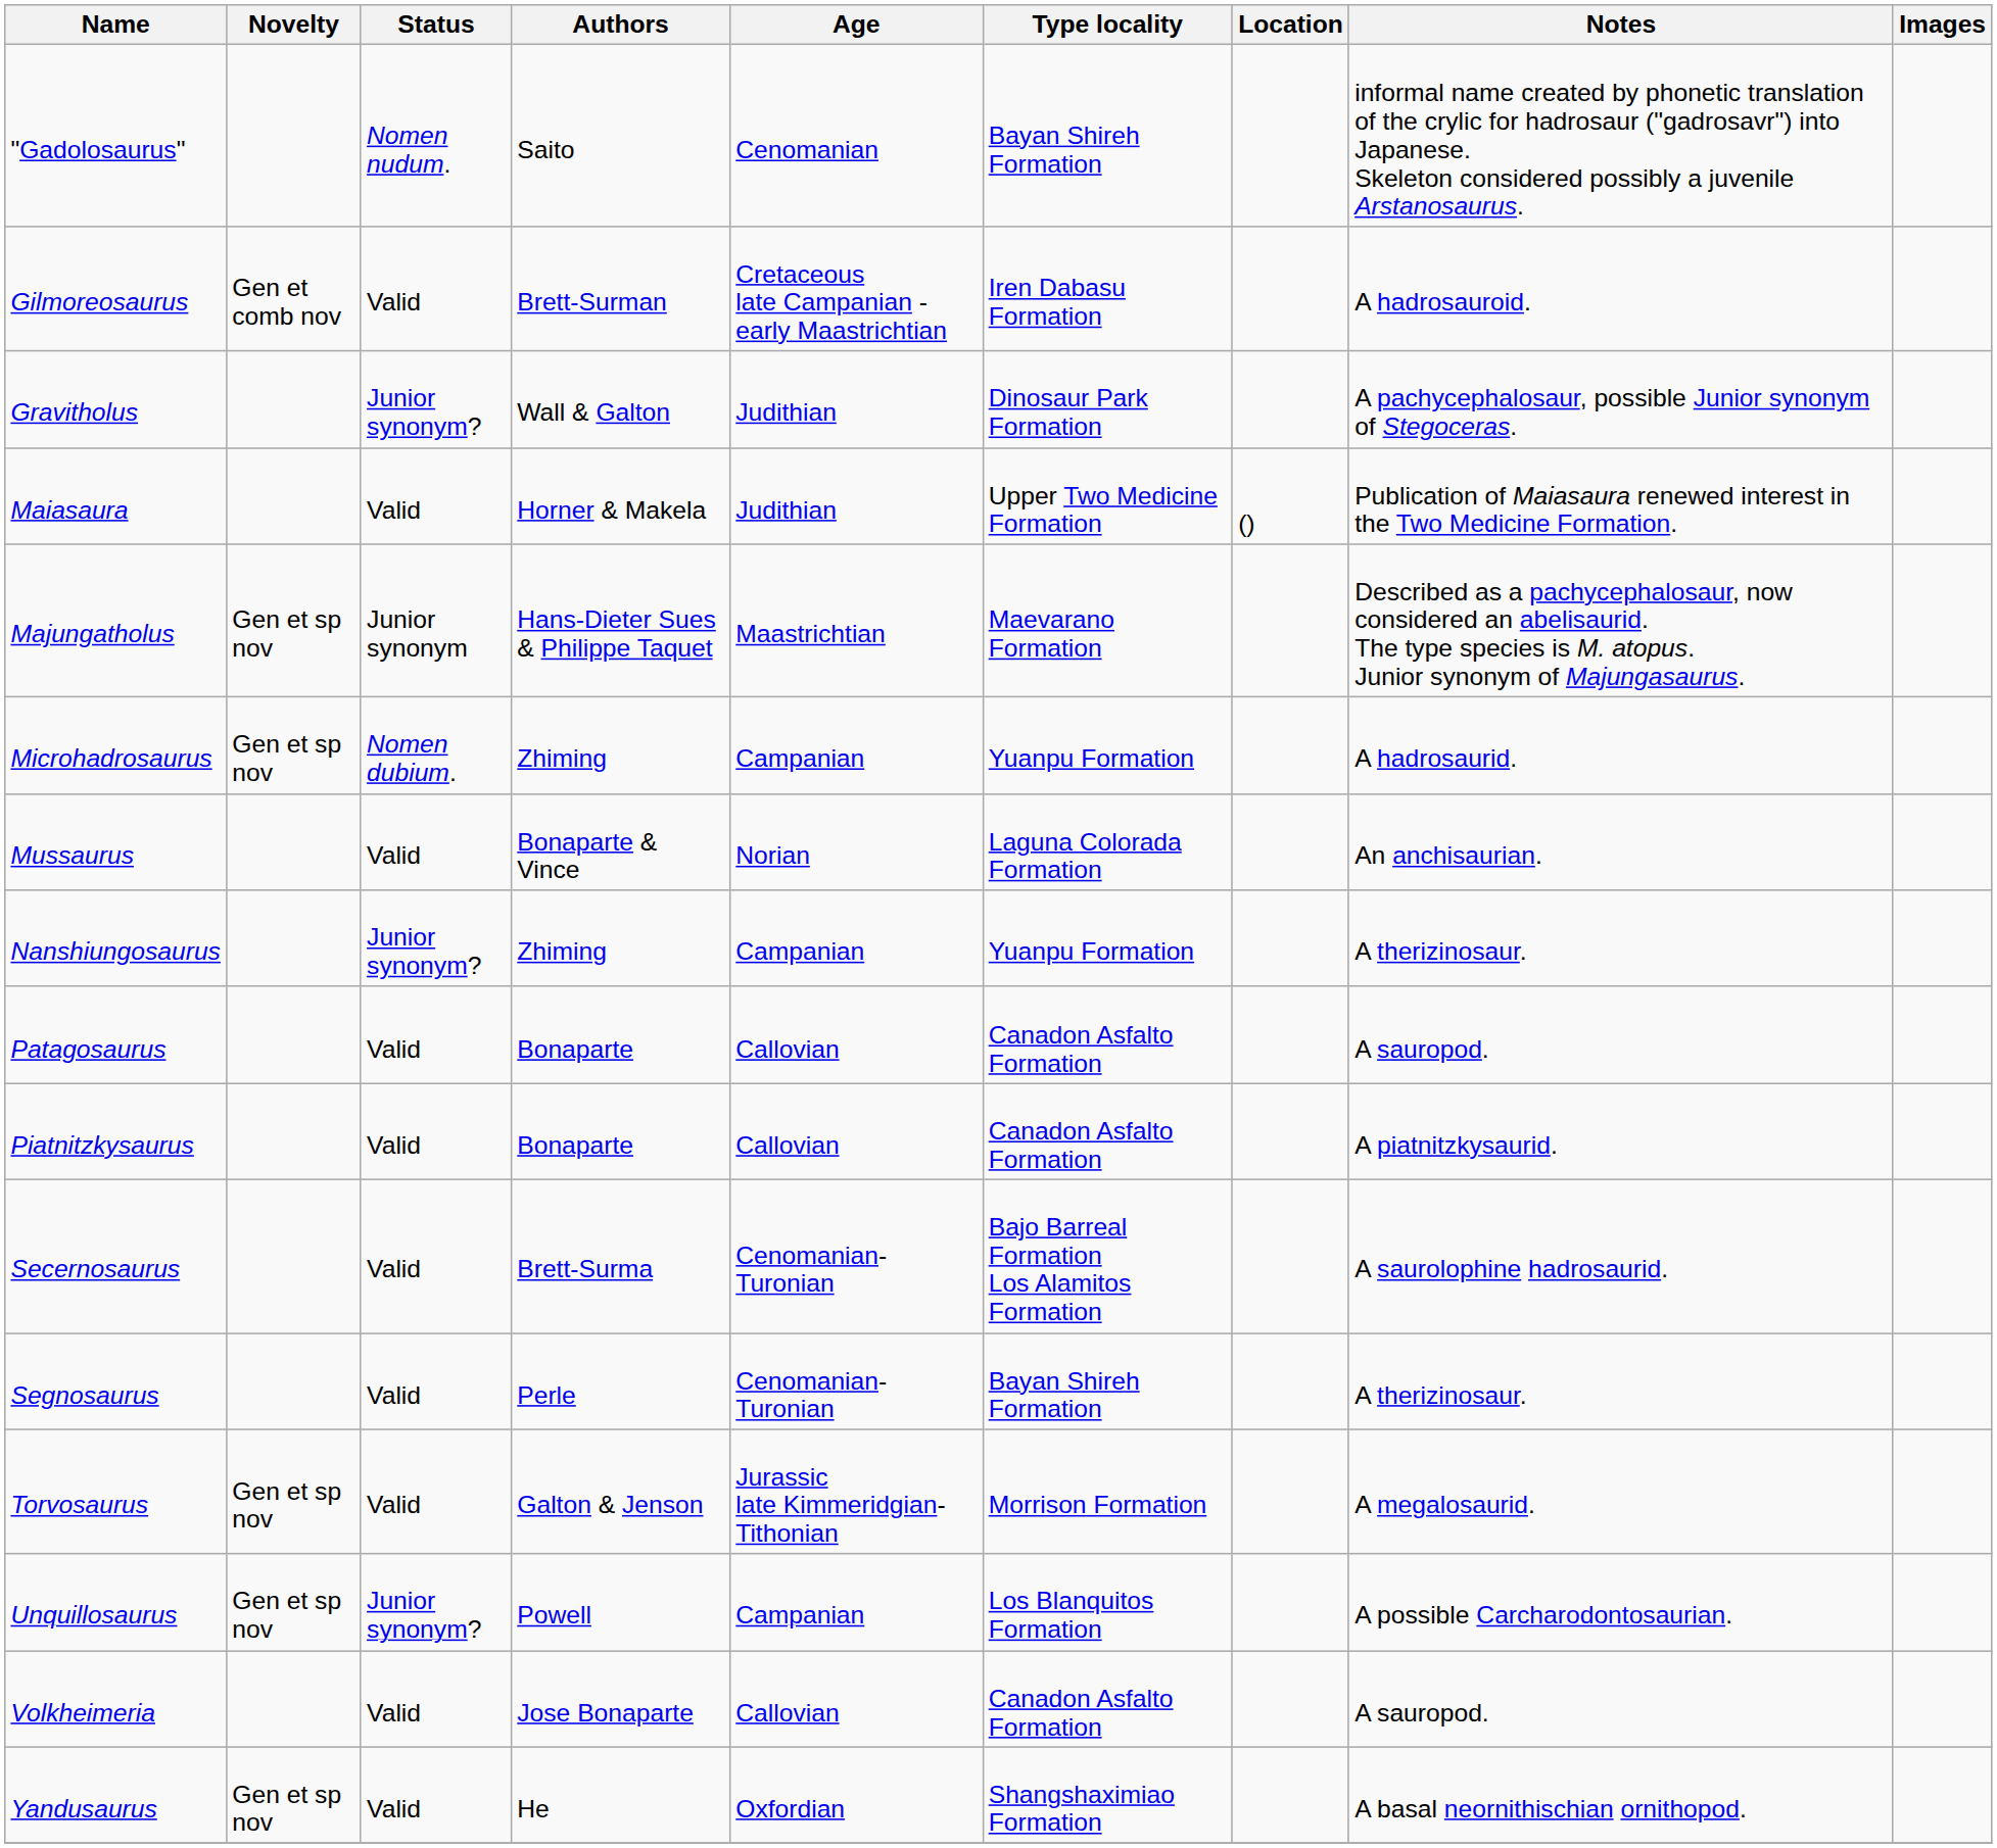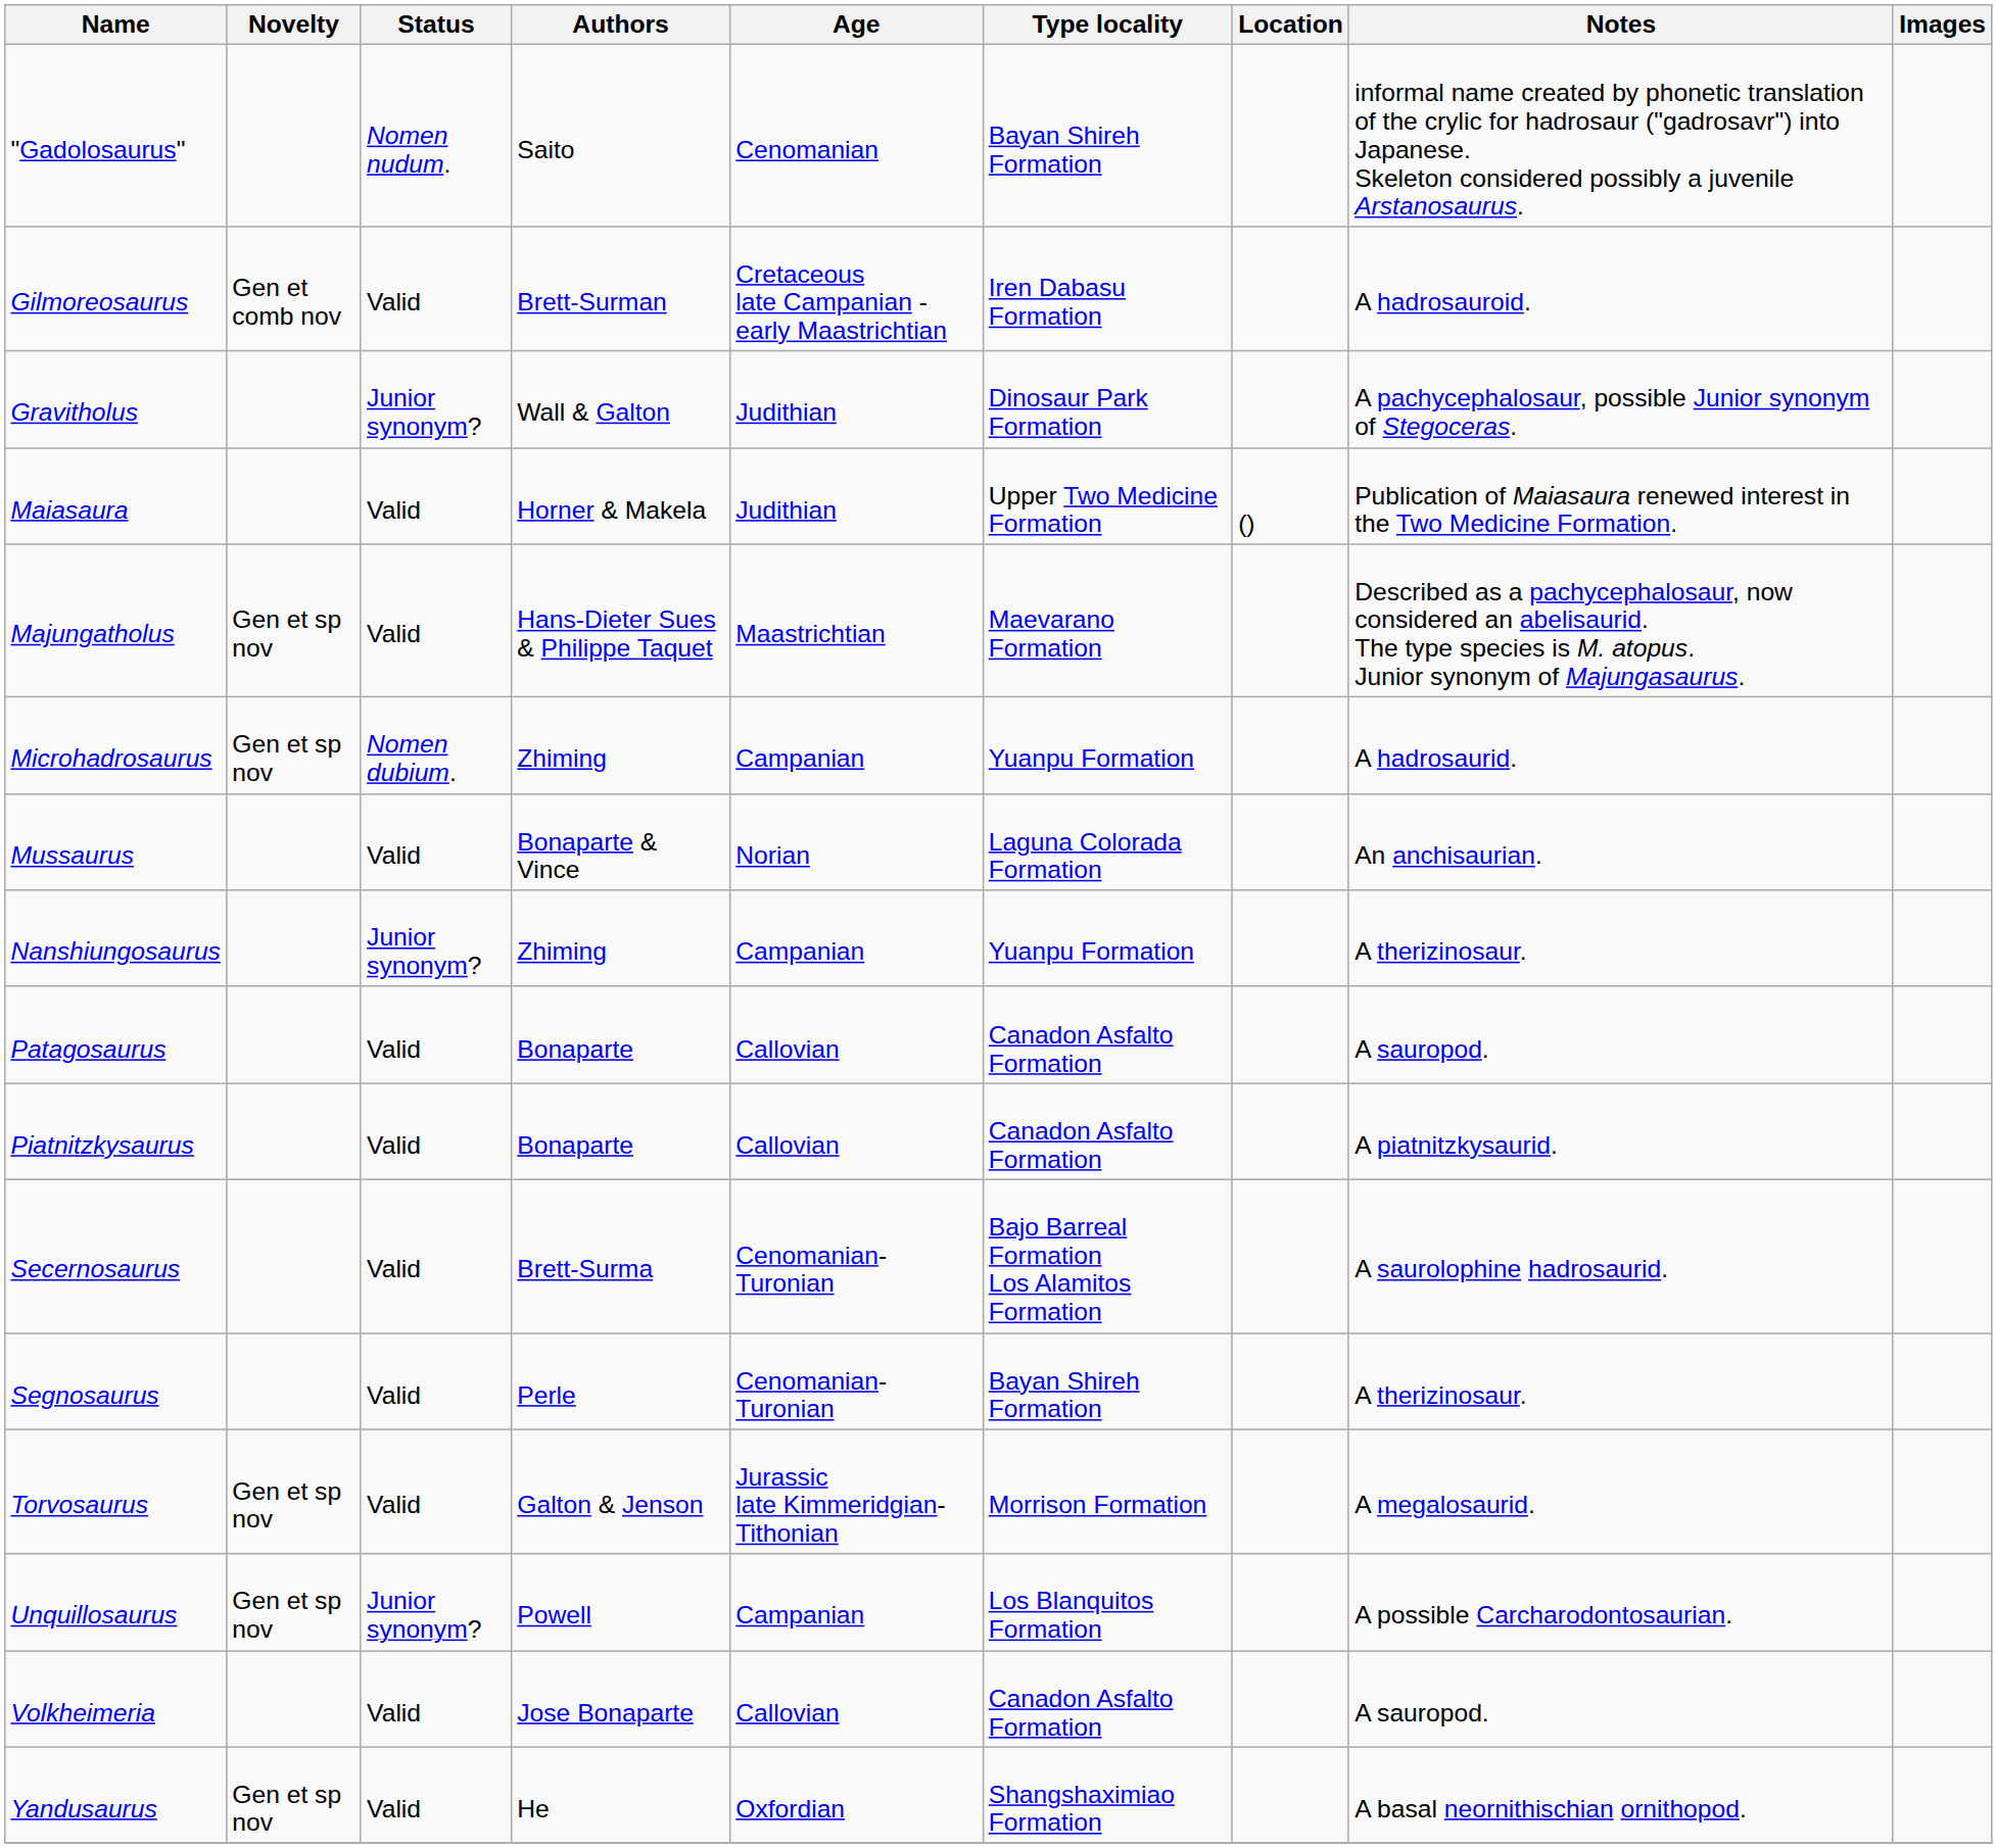 <table class="wikitable sortable" align="center" width="100%">
 <tr>
 <th>Name</th>
 <th>Novelty</th>
 <th>Status</th>
 <th>Authors</th>
 <th>Age</th>
 <th>Type locality</th>
 <th>Location</th>
 <th>Notes</th>
 <th>Images</th>
 </tr>
 <tr>
 <td><br>"<a href='#'>Gadolosaurus</a>"</td>
 <td></td>
 <td><br><em><a href='#'>Nomen nudum</a></em>.</td>
 <td><br>Saito</td>
 <td><br><a href='#'>Cenomanian</a></td>
 <td><br><a href='#'>Bayan Shireh Formation</a></td>
 <td><br></td>
 <td><br>informal name created by phonetic translation of the crylic for hadrosaur ("gadrosavr") into Japanese.<br> Skeleton considered possibly a juvenile <em><a href='#'>Arstanosaurus</a></em>.</td>
 <td><br></td>
 </tr>
 <tr>
 <td><br><em><a href='#'>Gilmoreosaurus</a></em></td>
 <td><br>Gen et comb nov</td>
 <td><br>Valid</td>
 <td><br><a href='#'>Brett-Surman</a></td>
 <td><br><a href='#'>Cretaceous</a><br><a href='#'>late Campanian</a> - <a href='#'>early Maastrichtian</a></td>
 <td><br><a href='#'>Iren Dabasu Formation</a></td>
 <td><br><br></td>
 <td><br>A <a href='#'>hadrosauroid</a>.</td>
 <td><br></td>
 </tr>
 <tr>
 <td><br><em><a href='#'>Gravitholus</a></em></td>
 <td></td>
 <td><br><a href='#'>Junior synonym</a>?</td>
 <td><br>Wall & <a href='#'>Galton</a></td>
 <td><br><a href='#'>Judithian</a></td>
 <td><br><a href='#'>Dinosaur Park Formation</a></td>
 <td><br></td>
 <td><br>A <a href='#'>pachycephalosaur</a>, possible <a href='#'>Junior synonym</a> of <em><a href='#'>Stegoceras</a></em>.</td>
 <td><br></td>
 </tr>
 <tr>
 <td><br><em><a href='#'>Maiasaura</a></em></td>
 <td></td>
 <td><br>Valid</td>
 <td><br><a href='#'>Horner</a> & Makela</td>
 <td><br><a href='#'>Judithian</a></td>
 <td><br>Upper <a href='#'>Two Medicine Formation</a></td>
 <td><br><br>()</td>
 <td><br>Publication of <em>Maiasaura</em> renewed interest in the <a href='#'>Two Medicine Formation</a>.</td>
 <td><br></td>
 </tr>
 <tr>
 <td><br><em><a href='#'>Majungatholus</a></em></td>
 <td><br>Gen et sp nov</td>
-<td><br>Junior synonym</td>
+<td><br>Valid</td>
 <td><br><a href='#'>Hans-Dieter Sues</a> & <a href='#'>Philippe Taquet</a></td>
 <td><br><a href='#'>Maastrichtian</a></td>
 <td><br><a href='#'>Maevarano Formation</a></td>
 <td><br></td>
 <td><br>Described as a <a href='#'>pachycephalosaur</a>, now considered an <a href='#'>abelisaurid</a>.<br> The type species is <em>M. atopus</em>.<br>Junior synonym of <em><a href='#'>Majungasaurus</a></em>.</td>
 <td><br></td>
 </tr>
 <tr>
 <td><br><em><a href='#'>Microhadrosaurus</a></em></td>
 <td><br>Gen et sp nov</td>
 <td><br><em><a href='#'>Nomen dubium</a></em>.</td>
 <td><br><a href='#'>Zhiming</a></td>
 <td><br><a href='#'>Campanian</a></td>
 <td><br><a href='#'>Yuanpu Formation</a></td>
 <td><br></td>
 <td><br>A <a href='#'>hadrosaurid</a>.</td>
 <td></td>
 </tr>
 <tr>
 <td><br><em><a href='#'>Mussaurus</a></em></td>
 <td></td>
 <td><br>Valid</td>
 <td><br><a href='#'>Bonaparte</a> & Vince</td>
 <td><br><a href='#'>Norian</a></td>
 <td><br><a href='#'>Laguna Colorada Formation</a></td>
 <td><br></td>
 <td><br>An <a href='#'>anchisaurian</a>.</td>
 <td><br></td>
 </tr>
 <tr>
 <td><br><em><a href='#'>Nanshiungosaurus</a></em></td>
 <td></td>
 <td><br><a href='#'>Junior synonym</a>?</td>
 <td><br><a href='#'>Zhiming</a></td>
 <td><br><a href='#'>Campanian</a></td>
 <td><br><a href='#'>Yuanpu Formation</a></td>
 <td><br></td>
 <td><br>A <a href='#'>therizinosaur</a>.</td>
 <td><br></td>
 </tr>
 <tr>
 <td><br><em><a href='#'>Patagosaurus</a></em></td>
 <td></td>
 <td><br>Valid</td>
 <td><br><a href='#'>Bonaparte</a></td>
 <td><br><a href='#'>Callovian</a></td>
 <td><br><a href='#'>Canadon Asfalto Formation</a></td>
 <td><br></td>
 <td><br>A <a href='#'>sauropod</a>.</td>
 <td><br></td>
 </tr>
 <tr>
 <td><br><em><a href='#'>Piatnitzkysaurus</a></em></td>
 <td></td>
 <td><br>Valid</td>
 <td><br><a href='#'>Bonaparte</a></td>
 <td><br><a href='#'>Callovian</a></td>
 <td><br><a href='#'>Canadon Asfalto Formation</a></td>
 <td><br></td>
 <td><br>A <a href='#'>piatnitzkysaurid</a>.</td>
 <td><br></td>
 </tr>
 <tr>
 <td><br><em><a href='#'>Secernosaurus</a></em></td>
 <td></td>
 <td><br>Valid</td>
 <td><br><a href='#'>Brett-Surma</a></td>
 <td><br><a href='#'>Cenomanian</a>-<a href='#'>Turonian</a></td>
 <td><br><a href='#'>Bajo Barreal Formation</a> <br> <a href='#'>Los Alamitos Formation</a></td>
 <td><br></td>
 <td><br>A <a href='#'>saurolophine</a> <a href='#'>hadrosaurid</a>.</td>
 <td></td>
 </tr>
 <tr>
 <td><br><em><a href='#'>Segnosaurus</a></em></td>
 <td></td>
 <td><br>Valid</td>
 <td><br><a href='#'>Perle</a></td>
 <td><br><a href='#'>Cenomanian</a>-<a href='#'>Turonian</a></td>
 <td><br><a href='#'>Bayan Shireh Formation</a></td>
 <td><br></td>
 <td><br>A <a href='#'>therizinosaur</a>.</td>
 <td><br></td>
 </tr>
 <tr>
 <td><br><em><a href='#'>Torvosaurus</a></em></td>
 <td><br>Gen et sp nov</td>
 <td><br>Valid</td>
 <td><br><a href='#'>Galton</a> & <a href='#'>Jenson</a></td>
 <td><br><a href='#'>Jurassic</a><br><a href='#'>late Kimmeridgian</a>-<a href='#'>Tithonian</a></td>
 <td><br><a href='#'>Morrison Formation</a></td>
 <td><br><br></td>
 <td><br>A <a href='#'>megalosaurid</a>.</td>
 <td><br></td>
 </tr>
 <tr>
 <td><br><em><a href='#'>Unquillosaurus</a></em></td>
 <td><br>Gen et sp nov</td>
 <td><br><a href='#'>Junior synonym</a>?</td>
 <td><br><a href='#'>Powell</a></td>
 <td><br><a href='#'>Campanian</a></td>
 <td><br><a href='#'>Los Blanquitos Formation</a></td>
 <td><br></td>
 <td><br>A possible <a href='#'>Carcharodontosaurian</a>.</td>
 <td></td>
 </tr>
 <tr>
 <td><br><em><a href='#'>Volkheimeria</a></em></td>
 <td></td>
 <td><br>Valid</td>
 <td><br><a href='#'>Jose Bonaparte</a></td>
 <td><br><a href='#'>Callovian</a></td>
 <td><br><a href='#'>Canadon Asfalto Formation</a></td>
 <td><br></td>
 <td><br>A sauropod.</td>
 <td></td>
 </tr>
 <tr>
 <td><br><em><a href='#'>Yandusaurus</a></em></td>
 <td><br>Gen et sp nov</td>
 <td><br>Valid</td>
 <td><br>He</td>
 <td><br><a href='#'>Oxfordian</a></td>
 <td><br><a href='#'>Shangshaximiao Formation</a></td>
 <td><br></td>
 <td><br>A basal <a href='#'>neornithischian</a> <a href='#'>ornithopod</a>.</td>
 <td></td>
 </tr>
 <tr>
 </tr>
 </table>
